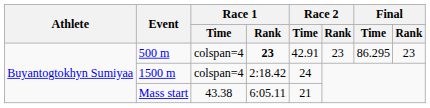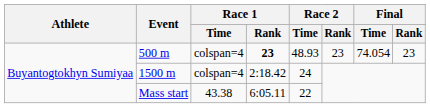 <table class="wikitable" style="font-size:90%">
 <tr>
 <th rowspan=2>Athlete</th>
 <th rowspan=2>Event</th>
 <th colspan=2>Race 1</th>
 <th colspan=2>Race 2</th>
 <th colspan=2>Final</th>
 </tr>
 <tr style="font-size:95%">
 <th>Time</th>
 <th>Rank</th>
 <th>Time</th>
 <th>Rank</th>
 <th>Time</th>
 <th>Rank</th>
 </tr>
 <tr align=center>
 <td align=left rowspan=3><a href='#'>Buyantogtokhyn Sumiyaa</a></td>
 <td align=left><a href='#'>500 m</a></td>
 <td>colspan=4 </td>
 <td><strong>23</strong></td>
-<td>42.91</td>
+<td>48.93</td>
 <td>23</td>
-<td>86.295</td>
+<td>74.054</td>
 <td>23</td>
 </tr>
 <tr align=center>
 <td align=left><a href='#'>1500 m</a></td>
 <td>colspan=4 </td>
 <td>2:18.42</td>
 <td>24</td>
 </tr>
 <tr align=center>
 <td align=left><a href='#'>Mass start</a></td>
 <td>43.38</td>
 <td>6:05.11</td>
-<td>21</td>
+<td>22</td>
 </tr>
 </table>
